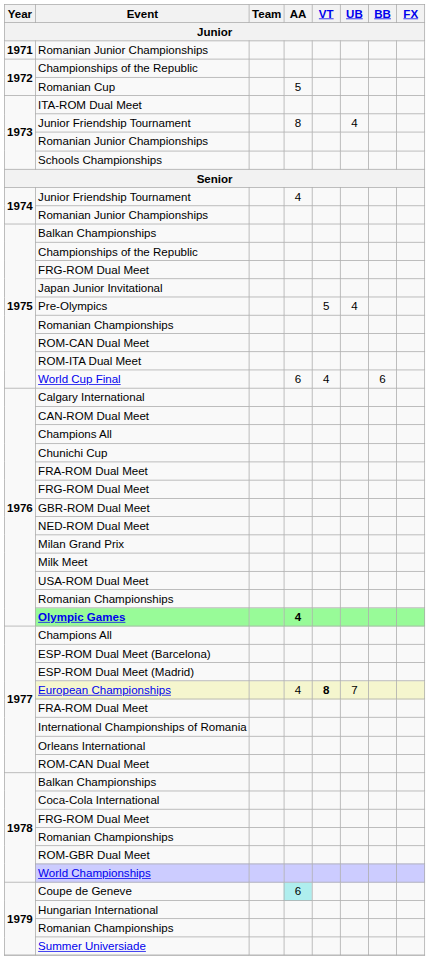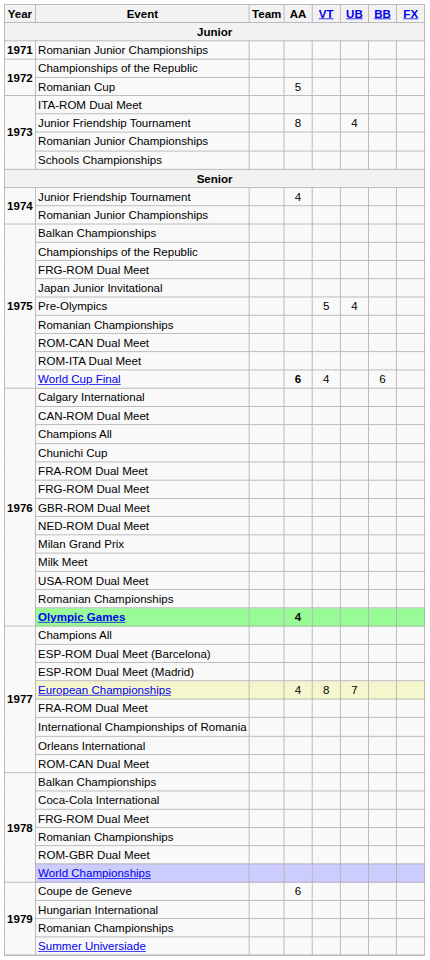 <table class="wikitable" style="text-align:center; font-size:95%;">
 <tr>
 <th align=center>Year</th>
 <th align=center>Event</th>
 <th style="width:30px;">Team</th>
 <th style="width:30px;">AA</th>
 <th style="width:30px;"><a href='#'>VT</a></th>
 <th style="width:30px;"><a href='#'>UB</a></th>
 <th style="width:30px;"><a href='#'>BB</a></th>
 <th style="width:30px;"><a href='#'>FX</a></th>
 </tr>
 <tr>
 <th colspan="8"><strong>Junior</strong></th>
 </tr>
 <tr>
 <td rowspan="1"><strong>1971</strong></td>
 <td align=left>Romanian Junior Championships</td>
 <td></td>
 <td></td>
 <td></td>
 <td></td>
 <td></td>
 <td></td>
 </tr>
 <tr>
 <td rowspan="2"><strong>1972</strong></td>
 <td align=left>Championships of the Republic</td>
 <td></td>
 <td></td>
 <td></td>
 <td></td>
 <td></td>
 <td></td>
 </tr>
 <tr>
 <td align=left>Romanian Cup</td>
 <td></td>
 <td>5</td>
 <td></td>
 <td></td>
 <td></td>
 <td></td>
 </tr>
 <tr>
 <td rowspan="4"><strong>1973</strong></td>
 <td align=left>ITA-ROM Dual Meet</td>
 <td></td>
 <td></td>
 <td></td>
 <td></td>
 <td></td>
 <td></td>
 </tr>
 <tr>
 <td align=left>Junior Friendship Tournament</td>
 <td></td>
 <td>8</td>
 <td></td>
 <td>4</td>
 <td></td>
 <td></td>
 </tr>
 <tr>
 <td align=left>Romanian Junior Championships</td>
 <td></td>
 <td></td>
 <td></td>
 <td></td>
 <td></td>
 <td></td>
 </tr>
 <tr>
 <td align=left>Schools Championships</td>
 <td></td>
 <td></td>
 <td></td>
 <td></td>
 <td></td>
 <td></td>
 </tr>
 <tr>
 <th colspan="8"><strong>Senior</strong></th>
 </tr>
 <tr>
 <td rowspan="2"><strong>1974</strong></td>
 <td align=left>Junior Friendship Tournament</td>
 <td></td>
 <td>4</td>
 <td></td>
 <td></td>
 <td></td>
 <td></td>
 </tr>
 <tr>
 <td align=left>Romanian Junior Championships</td>
 <td></td>
 <td></td>
 <td></td>
 <td></td>
 <td></td>
 <td></td>
 </tr>
 <tr>
 <td rowspan="9"><strong>1975</strong></td>
 <td align=left>Balkan Championships</td>
 <td></td>
 <td></td>
 <td></td>
 <td></td>
 <td></td>
 <td></td>
 </tr>
 <tr>
 <td align=left>Championships of the Republic</td>
 <td></td>
 <td></td>
 <td></td>
 <td></td>
 <td></td>
 <td></td>
 </tr>
 <tr>
 <td align=left>FRG-ROM Dual Meet</td>
 <td></td>
 <td></td>
 <td></td>
 <td></td>
 <td></td>
 <td></td>
 </tr>
 <tr>
 <td align=left>Japan Junior Invitational</td>
 <td></td>
 <td></td>
 <td></td>
 <td></td>
 <td></td>
 <td></td>
 </tr>
 <tr>
 <td align=left>Pre-Olympics</td>
 <td></td>
 <td></td>
 <td>5</td>
 <td>4</td>
 <td></td>
 <td></td>
 </tr>
 <tr>
 <td align=left>Romanian Championships</td>
 <td></td>
 <td></td>
 <td></td>
 <td></td>
 <td></td>
 <td></td>
 </tr>
 <tr>
 <td align=left>ROM-CAN Dual Meet</td>
 <td></td>
 <td></td>
 <td></td>
 <td></td>
 <td></td>
 <td></td>
 </tr>
 <tr>
 <td align=left>ROM-ITA Dual Meet</td>
 <td></td>
 <td></td>
 <td></td>
 <td></td>
 <td></td>
 <td></td>
 </tr>
 <tr>
 <td align=left><a href='#'>World Cup Final</a></td>
 <td></td>
-<td>6</td>
+<td><strong>6</strong></td>
 <td>4</td>
 <td></td>
 <td>6</td>
 <td></td>
 </tr>
 <tr>
 <td rowspan="13"><strong>1976</strong></td>
 <td align=left>Calgary International</td>
 <td></td>
 <td></td>
 <td></td>
 <td></td>
 <td></td>
 <td></td>
 </tr>
 <tr>
 <td align=left>CAN-ROM Dual Meet</td>
 <td></td>
 <td></td>
 <td></td>
 <td></td>
 <td></td>
 <td></td>
 </tr>
 <tr>
 <td align=left>Champions All</td>
 <td></td>
 <td></td>
 <td></td>
 <td></td>
 <td></td>
 <td></td>
 </tr>
 <tr>
 <td align=left>Chunichi Cup</td>
 <td></td>
 <td></td>
 <td></td>
 <td></td>
 <td></td>
 <td></td>
 </tr>
 <tr>
 <td align=left>FRA-ROM Dual Meet</td>
 <td></td>
 <td></td>
 <td></td>
 <td></td>
 <td></td>
 <td></td>
 </tr>
 <tr>
 <td align=left>FRG-ROM Dual Meet</td>
 <td></td>
 <td></td>
 <td></td>
 <td></td>
 <td></td>
 <td></td>
 </tr>
 <tr>
 <td align=left>GBR-ROM Dual Meet</td>
 <td></td>
 <td></td>
 <td></td>
 <td></td>
 <td></td>
 <td></td>
 </tr>
 <tr>
 <td align=left>NED-ROM Dual Meet</td>
 <td></td>
 <td></td>
 <td></td>
 <td></td>
 <td></td>
 <td></td>
 </tr>
 <tr>
 <td align=left>Milan Grand Prix</td>
 <td></td>
 <td></td>
 <td></td>
 <td></td>
 <td></td>
 <td></td>
 </tr>
 <tr>
 <td align=left>Milk Meet</td>
 <td></td>
 <td></td>
 <td></td>
 <td></td>
 <td></td>
 <td></td>
 </tr>
 <tr>
 <td align=left>USA-ROM Dual Meet</td>
 <td></td>
 <td></td>
 <td></td>
 <td></td>
 <td></td>
 <td></td>
 </tr>
 <tr>
 <td align=left>Romanian Championships</td>
 <td></td>
 <td></td>
 <td></td>
 <td></td>
 <td></td>
 <td></td>
 </tr>
 <tr bgcolor=98FB98>
 <td align=left><strong><a href='#'>Olympic Games</a></strong></td>
 <td></td>
 <td><strong>4</strong></td>
 <td></td>
 <td></td>
 <td></td>
 <td></td>
 </tr>
 <tr>
 <td rowspan="8"><strong>1977</strong></td>
 <td align=left>Champions All</td>
 <td></td>
 <td></td>
 <td></td>
 <td></td>
 <td></td>
 <td></td>
 </tr>
 <tr>
 <td align=left>ESP-ROM Dual Meet (Barcelona)</td>
 <td></td>
 <td></td>
 <td></td>
 <td></td>
 <td></td>
 <td></td>
 </tr>
 <tr>
 <td align=left>ESP-ROM Dual Meet (Madrid)</td>
 <td></td>
 <td></td>
 <td></td>
 <td></td>
 <td></td>
 <td></td>
 </tr>
 <tr bgcolor=#F5F6CE>
 <td align=left><a href='#'>European Championships</a></td>
 <td></td>
 <td>4</td>
-<td><strong>8</strong></td>
+<td>8</td>
 <td>7</td>
 <td></td>
 <td></td>
 </tr>
 <tr>
 <td align=left>FRA-ROM Dual Meet</td>
 <td></td>
 <td></td>
 <td></td>
 <td></td>
 <td></td>
 <td></td>
 </tr>
 <tr>
 <td align=left>International Championships of Romania</td>
 <td></td>
 <td></td>
 <td></td>
 <td></td>
 <td></td>
 <td></td>
 </tr>
 <tr>
 <td align=left>Orleans International</td>
 <td></td>
 <td></td>
 <td></td>
 <td></td>
 <td></td>
 <td></td>
 </tr>
 <tr>
 <td align=left>ROM-CAN Dual Meet</td>
 <td></td>
 <td></td>
 <td></td>
 <td></td>
 <td></td>
 <td></td>
 </tr>
 <tr>
 <td rowspan="6"><strong>1978</strong></td>
 <td align=left>Balkan Championships</td>
 <td></td>
 <td></td>
 <td></td>
 <td></td>
 <td></td>
 <td></td>
 </tr>
 <tr>
 <td align=left>Coca-Cola International</td>
 <td></td>
 <td></td>
 <td></td>
 <td></td>
 <td></td>
 <td></td>
 </tr>
 <tr>
 <td align=left>FRG-ROM Dual Meet</td>
 <td></td>
 <td></td>
 <td></td>
 <td></td>
 <td></td>
 <td></td>
 </tr>
 <tr>
 <td align=left>Romanian Championships</td>
 <td></td>
 <td></td>
 <td></td>
 <td></td>
 <td></td>
 <td></td>
 </tr>
 <tr>
 <td align=left>ROM-GBR Dual Meet</td>
 <td></td>
 <td></td>
 <td></td>
 <td></td>
 <td></td>
 <td></td>
 </tr>
 <tr bgcolor=#CCCCFF>
 <td align=left><a href='#'>World Championships</a></td>
 <td></td>
 <td></td>
 <td></td>
 <td></td>
 <td></td>
 <td></td>
 </tr>
 <tr>
 <td rowspan="4"><strong>1979</strong></td>
 <td align=left>Coupe de Geneve</td>
 <td></td>
-<td style="background: paleturquoise;">6</td>
+<td>6</td>
 <td></td>
 <td></td>
 <td></td>
 <td></td>
 </tr>
 <tr>
 <td align=left>Hungarian International</td>
 <td></td>
 <td></td>
 <td></td>
 <td></td>
 <td></td>
 <td></td>
 </tr>
 <tr>
 <td align=left>Romanian Championships</td>
 <td></td>
 <td></td>
 <td></td>
 <td></td>
 <td></td>
 <td></td>
 </tr>
 <tr>
 <td align=left><a href='#'>Summer Universiade</a></td>
 <td></td>
 <td></td>
 <td></td>
 <td></td>
 <td></td>
 <td></td>
 </tr>
 <tr>
 </tr>
 </table>
